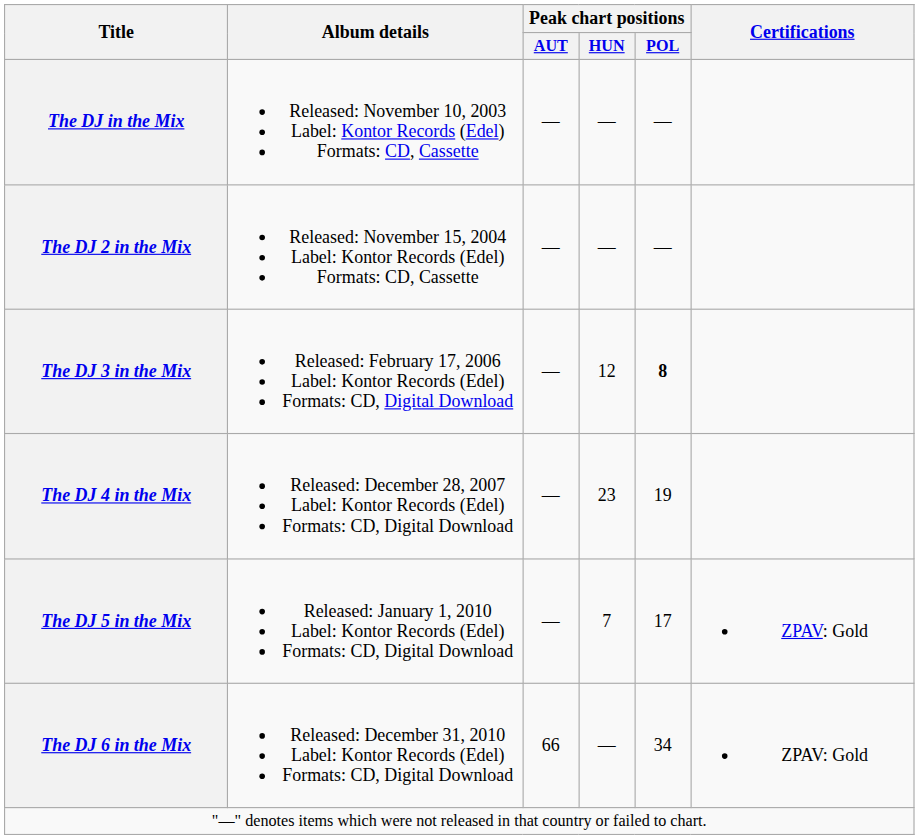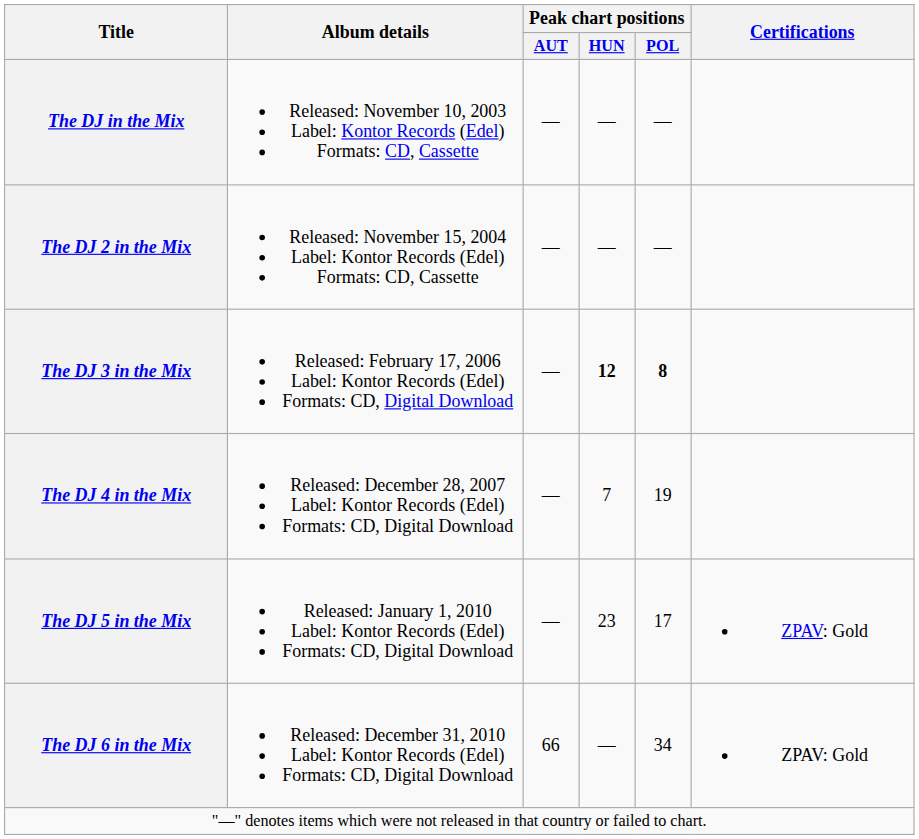 <table class="wikitable plainrowheaders" style="text-align:center;">
 <tr>
 <th scope="col" rowspan="2" style="width:12em;">Title</th>
 <th scope="col" rowspan="2" style="width:16em;">Album details</th>
 <th scope="col" colspan="3">Peak chart positions</th>
 <th scope="col" rowspan="2" style="width:12em;"><a href='#'>Certifications</a></th>
 </tr>
 <tr>
 <th scope="col" style="width:3em;font-size:90%;"><a href='#'>AUT</a><br></th>
 <th scope="col" style="width:3em;font-size:90%;"><a href='#'>HUN</a><br></th>
 <th scope="col" style="width:3em;font-size:90%;"><a href='#'>POL</a><br></th>
 </tr>
 <tr>
 <th scope="row"><em><a href='#'>The DJ in the Mix</a></em></th>
 <td><br><ul><li>Released: November 10, 2003</li><li>Label: <a href='#'>Kontor Records</a> (<a href='#'>Edel</a>)</li><li>Formats: <a href='#'>CD</a>, <a href='#'>Cassette</a></li></ul></td>
 <td>—</td>
 <td>—</td>
 <td>—</td>
 <td></td>
 </tr>
 <tr>
 <th scope="row"><em><a href='#'>The DJ 2 in the Mix</a></em></th>
 <td><br><ul><li>Released: November 15, 2004</li><li>Label: Kontor Records (Edel)</li><li>Formats: CD, Cassette</li></ul></td>
 <td>—</td>
 <td>—</td>
 <td>—</td>
 <td></td>
 </tr>
 <tr>
 <th scope="row"><em><a href='#'>The DJ 3 in the Mix</a></em></th>
 <td><br><ul><li>Released: February 17, 2006</li><li>Label: Kontor Records (Edel)</li><li>Formats: CD, <a href='#'>Digital Download</a></li></ul></td>
 <td>—</td>
-<td>12</td>
+<td><strong>12</strong></td>
 <td><strong>8</strong></td>
 <td></td>
 </tr>
 <tr>
 <th scope="row"><em><a href='#'>The DJ 4 in the Mix</a></em></th>
 <td><br><ul><li>Released: December 28, 2007</li><li>Label: Kontor Records (Edel)</li><li>Formats: CD, Digital Download</li></ul></td>
 <td>—</td>
-<td>23</td>
+<td>7</td>
 <td>19</td>
 <td></td>
 </tr>
 <tr>
 <th scope="row"><em><a href='#'>The DJ 5 in the Mix</a></em></th>
 <td><br><ul><li>Released: January 1, 2010</li><li>Label: Kontor Records (Edel)</li><li>Formats: CD, Digital Download</li></ul></td>
 <td>—</td>
-<td>7</td>
+<td>23</td>
 <td>17</td>
 <td><br><ul><li><a href='#'>ZPAV</a>: Gold</li></ul></td>
 </tr>
 <tr>
 <th scope="row"><em><a href='#'>The DJ 6 in the Mix</a></em></th>
 <td><br><ul><li>Released: December 31, 2010</li><li>Label: Kontor Records (Edel)</li><li>Formats: CD, Digital Download</li></ul></td>
 <td>66</td>
 <td>—</td>
 <td>34</td>
 <td><br><ul><li>ZPAV: Gold</li></ul></td>
 </tr>
 <tr>
 <td colspan="14" style="text-align:center; font-size:90%;">"—" denotes items which were not released in that country or failed to chart.</td>
 </tr>
 </table>
